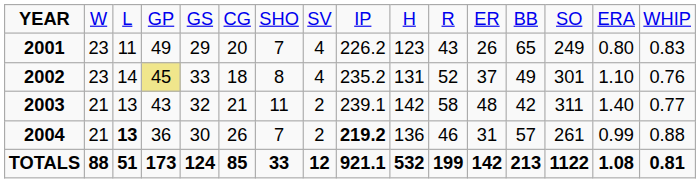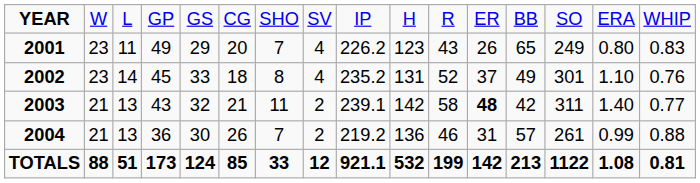 <table class="wikitable" style="text-align:center;">
 <tr>
 <td><strong>YEAR</strong></td>
 <td><a href='#'>W</a></td>
 <td><a href='#'>L</a></td>
 <td><a href='#'>GP</a></td>
 <td><a href='#'>GS</a></td>
 <td><a href='#'>CG</a></td>
 <td><a href='#'>SHO</a></td>
 <td><a href='#'>SV</a></td>
 <td><a href='#'>IP</a></td>
 <td><a href='#'>H</a></td>
 <td><a href='#'>R</a></td>
 <td><a href='#'>ER</a></td>
 <td><a href='#'>BB</a></td>
 <td><a href='#'>SO</a></td>
 <td><a href='#'>ERA</a></td>
 <td><a href='#'>WHIP</a></td>
 </tr>
 <tr>
 <td><strong>2001</strong></td>
 <td>23</td>
 <td>11</td>
 <td>49</td>
 <td>29</td>
 <td>20</td>
 <td>7</td>
 <td>4</td>
 <td>226.2</td>
 <td>123</td>
 <td>43</td>
 <td>26</td>
 <td>65</td>
 <td>249</td>
 <td>0.80</td>
 <td>0.83</td>
 </tr>
 <tr>
 <td><strong>2002</strong></td>
 <td>23</td>
 <td>14</td>
-<td style="background: khaki;">45</td>
+<td>45</td>
 <td>33</td>
 <td>18</td>
 <td>8</td>
 <td>4</td>
 <td>235.2</td>
 <td>131</td>
 <td>52</td>
 <td>37</td>
 <td>49</td>
 <td>301</td>
 <td>1.10</td>
 <td>0.76</td>
 </tr>
 <tr>
 <td><strong>2003</strong></td>
 <td>21</td>
 <td>13</td>
 <td>43</td>
 <td>32</td>
 <td>21</td>
 <td>11</td>
 <td>2</td>
 <td>239.1</td>
 <td>142</td>
 <td>58</td>
-<td>48</td>
+<td><strong>48</strong></td>
 <td>42</td>
 <td>311</td>
 <td>1.40</td>
 <td>0.77</td>
 </tr>
 <tr>
 <td><strong>2004</strong></td>
 <td>21</td>
-<td><strong>13</strong></td>
+<td>13</td>
 <td>36</td>
 <td>30</td>
 <td>26</td>
 <td>7</td>
 <td>2</td>
-<td><strong>219.2</strong></td>
+<td>219.2</td>
 <td>136</td>
 <td>46</td>
 <td>31</td>
 <td>57</td>
 <td>261</td>
 <td>0.99</td>
 <td>0.88</td>
 </tr>
 <tr>
 <td><strong>TOTALS</strong></td>
 <td><strong>88</strong></td>
 <td><strong>51</strong></td>
 <td><strong>173</strong></td>
 <td><strong>124</strong></td>
 <td><strong>85</strong></td>
 <td><strong>33</strong></td>
 <td><strong>12</strong></td>
 <td><strong>921.1</strong></td>
 <td><strong>532</strong></td>
 <td><strong>199</strong></td>
 <td><strong>142</strong></td>
 <td><strong>213</strong></td>
 <td><strong>1122</strong></td>
 <td><strong>1.08</strong></td>
 <td><strong>0.81</strong></td>
 </tr>
 </table>
